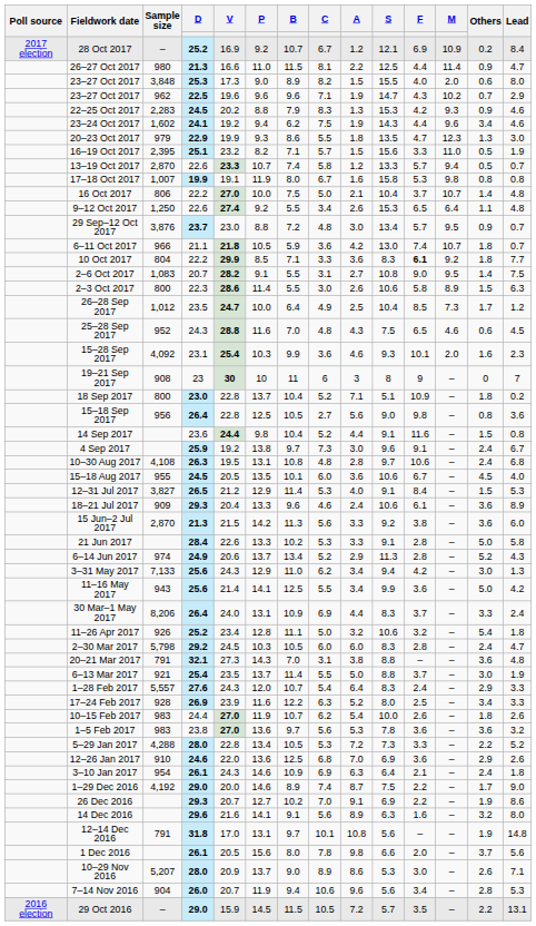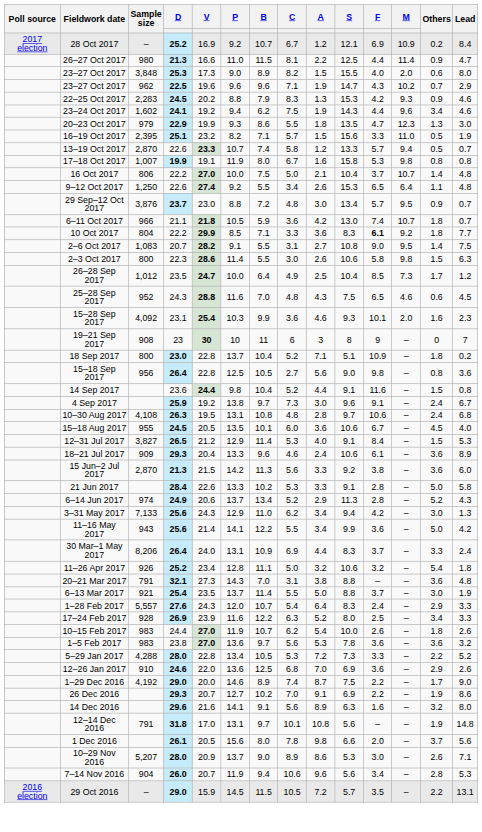 <table class="wikitable sortable" style="text-align:center;font-size:90%;line-height:14px;">
 <tr style="height:40px;">
 <th rowspan="2" style="width:85px;">Poll source</th>
 <th style="width:105px;" rowspan="2">Fieldwork date</th>
 <th style="width:35px;" rowspan="2">Sample<br>size</th>
 <th style="width:40px;" class="unsortable"><a href='#'>D</a></th>
 <th style="width:40px;" class="unsortable"><a href='#'>V</a></th>
 <th style="width:40px;" class="unsortable"><a href='#'>P</a></th>
 <th style="width:40px;" class="unsortable"><a href='#'>B</a></th>
 <th style="width:40px;" class="unsortable"><a href='#'>C</a></th>
 <th style="width:40px;" class="unsortable"><a href='#'>A</a></th>
 <th style="width:40px;" class="unsortable"><a href='#'>S</a></th>
 <th style="width:40px;" class="unsortable"><a href='#'>F</a></th>
 <th style="width:40px;" class="unsortable"><a href='#'>M</a></th>
 <th style="width:40px;" rowspan="2" class="unsortable">Others</th>
 <th style="width:30px;" rowspan="2">Lead</th>
 </tr>
 <tr>
 <th style="background:"></th>
 <th style="background:"></th>
 <th style="background:"></th>
 <th style="background:"></th>
 <th style="background:"></th>
 <th style="background:"></th>
 <th style="background:"></th>
 <th style="background:"></th>
 <th style="background:"></th>
 </tr>
 <tr style="background-color:#E9E9E9;">
 <td><a href='#'>2017 election</a></td>
 <td data-sort-value="2017-10-28">28 Oct 2017</td>
 <td>–</td>
 <td style="background:#C6ECFB;"><strong>25.2</strong></td>
 <td>16.9</td>
 <td>9.2</td>
 <td>10.7</td>
 <td>6.7</td>
 <td>1.2</td>
 <td>12.1</td>
 <td>6.9</td>
 <td>10.9</td>
 <td>0.2</td>
 <td style="background:">8.4</td>
 </tr>
 <tr>
 <td></td>
 <td data-sort-value="2017-10-27">26–27 Oct 2017</td>
 <td>980</td>
 <td style="background:#C6ECFB;"><strong>21.3</strong></td>
 <td>16.6</td>
 <td>11.0</td>
 <td>11.5</td>
 <td>8.1</td>
 <td>2.2</td>
 <td>12.5</td>
 <td>4.4</td>
 <td>11.4</td>
 <td>0.9</td>
 <td style="background:">4.7</td>
 </tr>
 <tr>
 <td></td>
 <td data-sort-value="2017-10-27">23–27 Oct 2017</td>
 <td>3,848</td>
 <td style="background:#C6ECFB;"><strong>25.3</strong></td>
 <td>17.3</td>
 <td>9.0</td>
 <td>8.9</td>
 <td>8.2</td>
 <td>1.5</td>
 <td>15.5</td>
 <td>4.0</td>
 <td>2.0</td>
 <td>0.6</td>
 <td style="background:">8.0</td>
 </tr>
 <tr>
 <td></td>
 <td data-sort-value="2017-10-27">23–27 Oct 2017</td>
 <td>962</td>
 <td style="background:#C6ECFB;"><strong>22.5</strong></td>
 <td>19.6</td>
 <td>9.6</td>
 <td>9.6</td>
 <td>7.1</td>
 <td>1.9</td>
 <td>14.7</td>
 <td>4.3</td>
 <td>10.2</td>
 <td>0.7</td>
 <td style="background:">2.9</td>
 </tr>
 <tr>
 <td></td>
 <td data-sort-value="2017-10-25">22–25 Oct 2017</td>
 <td>2,283</td>
 <td style="background:#C6ECFB;"><strong>24.5</strong></td>
 <td>20.2</td>
 <td>8.8</td>
 <td>7.9</td>
 <td>8.3</td>
 <td>1.3</td>
 <td>15.3</td>
 <td>4.2</td>
 <td>9.3</td>
 <td>0.9</td>
 <td style="background:">4.6</td>
 </tr>
 <tr>
 <td></td>
 <td data-sort-value="2017-10-24">23–24 Oct 2017</td>
 <td>1,602</td>
 <td style="background:#C6ECFB;"><strong>24.1</strong></td>
 <td>19.2</td>
 <td>9.4</td>
 <td>6.2</td>
 <td>7.5</td>
 <td>1.9</td>
 <td>14.3</td>
 <td>4.4</td>
 <td>9.6</td>
 <td>3.4</td>
 <td style="background:">4.6</td>
 </tr>
 <tr>
 <td></td>
 <td data-sort-value="2017-10-23">20–23 Oct 2017</td>
 <td>979</td>
 <td style="background:#C6ECFB;"><strong>22.9</strong></td>
 <td>19.9</td>
 <td>9.3</td>
 <td>8.6</td>
 <td>5.5</td>
 <td>1.8</td>
 <td>13.5</td>
 <td>4.7</td>
 <td>12.3</td>
 <td>1.3</td>
 <td style="background:">3.0</td>
 </tr>
 <tr>
 <td></td>
 <td data-sort-value="2017-10-19">16–19 Oct 2017</td>
 <td>2,395</td>
 <td style="background:#C6ECFB;"><strong>25.1</strong></td>
 <td>23.2</td>
 <td>8.2</td>
 <td>7.1</td>
 <td>5.7</td>
 <td>1.5</td>
 <td>15.6</td>
 <td>3.3</td>
 <td>11.0</td>
 <td>0.5</td>
 <td style="background:">1.9</td>
 </tr>
 <tr>
 <td></td>
 <td data-sort-value="2017-10-19">13–19 Oct 2017</td>
 <td>2,870</td>
 <td>22.6</td>
 <td style="background:#D6E5D4;"><strong>23.3</strong></td>
 <td>10.7</td>
 <td>7.4</td>
 <td>5.8</td>
 <td>1.2</td>
 <td>13.3</td>
 <td>5.7</td>
 <td>9.4</td>
 <td>0.5</td>
 <td style="background:">0.7</td>
 </tr>
 <tr>
 <td></td>
 <td data-sort-value="2017-10-18">17–18 Oct 2017</td>
 <td>1,007</td>
 <td style="background:#C6ECFB;"><strong>19.9</strong></td>
 <td>19.1</td>
 <td>11.9</td>
 <td>8.0</td>
 <td>6.7</td>
 <td>1.6</td>
 <td>15.8</td>
 <td>5.3</td>
 <td>9.8</td>
 <td>0.8</td>
 <td style="background:">0.8</td>
 </tr>
 <tr>
 <td></td>
 <td data-sort-value="2017-10-16">16 Oct 2017</td>
 <td>806</td>
 <td>22.2</td>
 <td style="background:#D6E5D4;"><strong>27.0</strong></td>
 <td>10.0</td>
 <td>7.5</td>
 <td>5.0</td>
 <td>2.1</td>
 <td>10.4</td>
 <td>3.7</td>
 <td>10.7</td>
 <td>1.4</td>
 <td style="background:">4.8</td>
 </tr>
 <tr>
 <td></td>
 <td data-sort-value="2017-10-12">9–12 Oct 2017</td>
 <td>1,250</td>
 <td>22.6</td>
 <td style="background:#D6E5D4;"><strong>27.4</strong></td>
 <td>9.2</td>
 <td>5.5</td>
 <td>3.4</td>
 <td>2.6</td>
 <td>15.3</td>
 <td>6.5</td>
 <td>6.4</td>
 <td>1.1</td>
 <td style="background:">4.8</td>
 </tr>
 <tr>
 <td></td>
 <td data-sort-value="2017-10-12">29 Sep–12 Oct 2017</td>
 <td>3,876</td>
 <td style="background:#C6ECFB;"><strong>23.7</strong></td>
 <td>23.0</td>
 <td>8.8</td>
 <td>7.2</td>
 <td>4.8</td>
 <td>3.0</td>
 <td>13.4</td>
 <td>5.7</td>
 <td>9.5</td>
 <td>0.9</td>
 <td style="background:">0.7</td>
 </tr>
 <tr>
 <td></td>
 <td data-sort-value="2017-10-11">6–11 Oct 2017</td>
 <td>966</td>
 <td>21.1</td>
 <td style="background:#D6E5D4;"><strong>21.8</strong></td>
 <td>10.5</td>
 <td>5.9</td>
 <td>3.6</td>
 <td>4.2</td>
 <td>13.0</td>
 <td>7.4</td>
 <td>10.7</td>
 <td>1.8</td>
 <td style="background:">0.7</td>
 </tr>
 <tr>
 <td></td>
 <td data-sort-value="2017-10-10">10 Oct 2017</td>
 <td>804</td>
 <td>22.2</td>
 <td style="background:#D6E5D4;"><strong>29.9</strong></td>
 <td>8.5</td>
 <td>7.1</td>
 <td>3.3</td>
 <td>3.6</td>
 <td>8.3</td>
 <td><strong>6.1</strong></td>
 <td>9.2</td>
 <td>1.8</td>
 <td style="background:">7.7</td>
 </tr>
 <tr>
 <td></td>
 <td data-sort-value="2017-10-06">2–6 Oct 2017</td>
 <td>1,083</td>
 <td>20.7</td>
 <td style="background:#D6E5D4;"><strong>28.2</strong></td>
 <td>9.1</td>
 <td>5.5</td>
 <td>3.1</td>
 <td>2.7</td>
 <td>10.8</td>
 <td>9.0</td>
 <td>9.5</td>
 <td>1.4</td>
 <td style="background:">7.5</td>
 </tr>
 <tr>
 <td></td>
 <td data-sort-value="2017-10-03">2–3 Oct 2017</td>
 <td>800</td>
 <td>22.3</td>
 <td style="background:#D6E5D4;"><strong>28.6</strong></td>
 <td>11.4</td>
 <td>5.5</td>
 <td>3.0</td>
 <td>2.6</td>
 <td>10.6</td>
 <td>5.8</td>
-<td>8.9</td>
+<td>9.8</td>
 <td>1.5</td>
 <td style="background:">6.3</td>
 </tr>
 <tr>
 <td></td>
 <td data-sort-value="2017-09-28">26–28 Sep 2017</td>
 <td>1,012</td>
 <td>23.5</td>
 <td style="background:#D6E5D4;"><strong>24.7</strong></td>
 <td>10.0</td>
 <td>6.4</td>
 <td>4.9</td>
 <td>2.5</td>
 <td>10.4</td>
 <td>8.5</td>
 <td>7.3</td>
 <td>1.7</td>
 <td style="background:">1.2</td>
 </tr>
 <tr>
 <td></td>
 <td data-sort-value="2017-09-28">25–28 Sep 2017</td>
 <td>952</td>
 <td>24.3</td>
 <td style="background:#D6E5D4;"><strong>28.8</strong></td>
 <td>11.6</td>
 <td>7.0</td>
 <td>4.8</td>
 <td>4.3</td>
 <td>7.5</td>
 <td>6.5</td>
 <td>4.6</td>
 <td>0.6</td>
 <td style="background:">4.5</td>
 </tr>
 <tr>
 <td></td>
 <td data-sort-value="2017-09-28">15–28 Sep 2017</td>
 <td>4,092</td>
 <td>23.1</td>
 <td style="background:#D6E5D4;"><strong>25.4</strong></td>
 <td>10.3</td>
 <td>9.9</td>
 <td>3.6</td>
 <td>4.6</td>
 <td>9.3</td>
 <td>10.1</td>
 <td>2.0</td>
 <td>1.6</td>
 <td style="background:">2.3</td>
 </tr>
 <tr>
 <td></td>
 <td data-sort-value="2017-09-21">19–21 Sep 2017</td>
 <td>908</td>
 <td>23</td>
 <td style="background:#D6E5D4;"><strong>30</strong></td>
 <td>10</td>
 <td>11</td>
 <td>6</td>
 <td>3</td>
 <td>8</td>
 <td>9</td>
 <td>–</td>
 <td>0</td>
 <td style="background:">7</td>
 </tr>
 <tr>
 <td></td>
 <td data-sort-value="2017-09-18">18 Sep 2017</td>
 <td>800</td>
 <td style="background:#C6ECFB;"><strong>23.0</strong></td>
 <td>22.8</td>
 <td>13.7</td>
 <td>10.4</td>
 <td>5.2</td>
 <td>7.1</td>
 <td>5.1</td>
 <td>10.9</td>
 <td>–</td>
 <td>1.8</td>
 <td style="background:">0.2</td>
 </tr>
 <tr>
 <td></td>
 <td data-sort-value="2017-09-18">15–18 Sep 2017</td>
 <td>956</td>
 <td style="background:#C6ECFB;"><strong>26.4</strong></td>
 <td>22.8</td>
 <td>12.5</td>
 <td>10.5</td>
 <td>2.7</td>
 <td>5.6</td>
 <td>9.0</td>
 <td>9.8</td>
 <td>–</td>
 <td>0.8</td>
 <td style="background:">3.6</td>
 </tr>
 <tr>
 <td></td>
 <td data-sort-value="2017-09-14">14 Sep 2017</td>
 <td></td>
 <td>23.6</td>
 <td style="background:#D6E5D4;"><strong>24.4</strong></td>
 <td>9.8</td>
 <td>10.4</td>
 <td>5.2</td>
 <td>4.4</td>
 <td>9.1</td>
 <td>11.6</td>
 <td>–</td>
 <td>1.5</td>
 <td style="background:">0.8</td>
 </tr>
 <tr>
 <td></td>
 <td data-sort-value="2017-09-04">4 Sep 2017</td>
 <td></td>
 <td style="background:#C6ECFB;"><strong>25.9</strong></td>
 <td>19.2</td>
 <td>13.8</td>
 <td>9.7</td>
 <td>7.3</td>
 <td>3.0</td>
 <td>9.6</td>
 <td>9.1</td>
 <td>–</td>
 <td>2.4</td>
 <td style="background:">6.7</td>
 </tr>
 <tr>
 <td></td>
 <td data-sort-value="2017-08-30">10–30 Aug 2017</td>
 <td>4,108</td>
 <td style="background:#C6ECFB;"><strong>26.3</strong></td>
 <td>19.5</td>
 <td>13.1</td>
 <td>10.8</td>
 <td>4.8</td>
 <td>2.8</td>
 <td>9.7</td>
 <td>10.6</td>
 <td>–</td>
 <td>2.4</td>
 <td style="background:">6.8</td>
 </tr>
 <tr>
 <td></td>
 <td data-sort-value="2017-08-18">15–18 Aug 2017</td>
 <td>955</td>
 <td style="background:#C6ECFB;"><strong>24.5</strong></td>
 <td>20.5</td>
 <td>13.5</td>
 <td>10.1</td>
 <td>6.0</td>
 <td>3.6</td>
 <td>10.6</td>
 <td>6.7</td>
 <td>–</td>
 <td>4.5</td>
 <td style="background:">4.0</td>
 </tr>
 <tr>
 <td></td>
 <td data-sort-value="2017-07-31">12–31 Jul 2017</td>
 <td>3,827</td>
 <td style="background:#C6ECFB;"><strong>26.5</strong></td>
 <td>21.2</td>
 <td>12.9</td>
 <td>11.4</td>
 <td>5.3</td>
 <td>4.0</td>
 <td>9.1</td>
 <td>8.4</td>
 <td>–</td>
 <td>1.5</td>
 <td style="background:">5.3</td>
 </tr>
 <tr>
 <td></td>
 <td data-sort-value="2017-07-21">18–21 Jul 2017</td>
 <td>909</td>
 <td style="background:#C6ECFB;"><strong>29.3</strong></td>
 <td>20.4</td>
 <td>13.3</td>
 <td>9.6</td>
 <td>4.6</td>
 <td>2.4</td>
 <td>10.6</td>
 <td>6.1</td>
 <td>–</td>
 <td>3.6</td>
 <td style="background:">8.9</td>
 </tr>
 <tr>
 <td></td>
 <td data-sort-value="2017-07-02">15 Jun–2 Jul 2017</td>
 <td>2,870</td>
 <td style="background:#C6ECFB;"><strong>21.3</strong></td>
 <td>21.5</td>
 <td>14.2</td>
 <td>11.3</td>
 <td>5.6</td>
 <td>3.3</td>
 <td>9.2</td>
 <td>3.8</td>
 <td>–</td>
 <td>3.6</td>
 <td style="background:">6.0</td>
 </tr>
 <tr>
 <td></td>
 <td data-sort-value="2017-06-21">21 Jun 2017</td>
 <td></td>
 <td style="background:#C6ECFB;"><strong>28.4</strong></td>
 <td>22.6</td>
 <td>13.3</td>
 <td>10.2</td>
 <td>5.3</td>
 <td>3.3</td>
 <td>9.1</td>
 <td>2.8</td>
 <td>–</td>
 <td>5.0</td>
 <td style="background:">5.8</td>
 </tr>
 <tr>
 <td></td>
 <td data-sort-value="2017-06-14">6–14 Jun 2017</td>
 <td>974</td>
 <td style="background:#C6ECFB;"><strong>24.9</strong></td>
 <td>20.6</td>
 <td>13.7</td>
 <td>13.4</td>
 <td>5.2</td>
 <td>2.9</td>
 <td>11.3</td>
 <td>2.8</td>
 <td>–</td>
 <td>5.2</td>
 <td style="background:">4.3</td>
 </tr>
 <tr>
 <td></td>
 <td data-sort-value="2017-05-31">3–31 May 2017</td>
 <td>7,133</td>
 <td style="background:#C6ECFB;"><strong>25.6</strong></td>
 <td>24.3</td>
 <td>12.9</td>
 <td>11.0</td>
 <td>6.2</td>
 <td>3.4</td>
 <td>9.4</td>
 <td>4.2</td>
 <td>–</td>
 <td>3.0</td>
 <td style="background:">1.3</td>
 </tr>
 <tr>
 <td></td>
 <td data-sort-value="2017-05-16">11–16 May 2017</td>
 <td>943</td>
 <td style="background:#C6ECFB;"><strong>25.6</strong></td>
 <td>21.4</td>
 <td>14.1</td>
-<td>12.5</td>
+<td>12.2</td>
 <td>5.5</td>
 <td>3.4</td>
 <td>9.9</td>
 <td>3.6</td>
 <td>–</td>
 <td>5.0</td>
 <td style="background:">4.2</td>
 </tr>
 <tr>
 <td></td>
 <td data-sort-value="2017-05-01">30 Mar–1 May 2017</td>
 <td>8,206</td>
 <td style="background:#C6ECFB;"><strong>26.4</strong></td>
 <td>24.0</td>
 <td>13.1</td>
 <td>10.9</td>
 <td>6.9</td>
 <td>4.4</td>
 <td>8.3</td>
 <td>3.7</td>
 <td>–</td>
 <td>3.3</td>
 <td style="background:">2.4</td>
 </tr>
 <tr>
 <td></td>
 <td data-sort-value="2017-04-26">11–26 Apr 2017</td>
 <td>926</td>
 <td style="background:#C6ECFB;"><strong>25.2</strong></td>
 <td>23.4</td>
 <td>12.8</td>
 <td>11.1</td>
 <td>5.0</td>
 <td>3.2</td>
 <td>10.6</td>
 <td>3.2</td>
 <td>–</td>
 <td>5.4</td>
 <td style="background:">1.8</td>
-</tr>
-<tr>
-<td></td>
-<td data-sort-value="2017-03-30">2–30 Mar 2017</td>
-<td>5,798</td>
-<td style="background:#C6ECFB;"><strong>29.2</strong></td>
-<td>24.5</td>
-<td>10.3</td>
-<td>10.5</td>
-<td>6.0</td>
-<td>6.0</td>
-<td>8.3</td>
-<td>2.8</td>
-<td>–</td>
-<td>2.4</td>
-<td style="background:">4.7</td>
 </tr>
 <tr>
 <td></td>
 <td data-sort-value="2017-03-21">20–21 Mar 2017</td>
 <td>791</td>
 <td style="background:#C6ECFB;"><strong>32.1</strong></td>
 <td>27.3</td>
 <td>14.3</td>
 <td>7.0</td>
 <td>3.1</td>
 <td>3.8</td>
 <td>8.8</td>
 <td>–</td>
 <td>–</td>
 <td>3.6</td>
 <td style="background:">4.8</td>
 </tr>
 <tr>
 <td></td>
 <td data-sort-value="2017-03-13">6–13 Mar 2017</td>
 <td>921</td>
 <td style="background:#C6ECFB;"><strong>25.4</strong></td>
 <td>23.5</td>
 <td>13.7</td>
 <td>11.4</td>
 <td>5.5</td>
 <td>5.0</td>
 <td>8.8</td>
 <td>3.7</td>
 <td>–</td>
 <td>3.0</td>
 <td style="background:">1.9</td>
 </tr>
 <tr>
 <td></td>
 <td data-sort-value="2017-02-28">1–28 Feb 2017</td>
 <td>5,557</td>
 <td style="background:#C6ECFB;"><strong>27.6</strong></td>
 <td>24.3</td>
 <td>12.0</td>
 <td>10.7</td>
 <td>5.4</td>
 <td>6.4</td>
 <td>8.3</td>
 <td>2.4</td>
 <td>–</td>
 <td>2.9</td>
 <td style="background:">3.3</td>
 </tr>
 <tr>
 <td></td>
 <td data-sort-value="2017-02-24">17–24 Feb 2017</td>
 <td>928</td>
 <td style="background:#C6ECFB;"><strong>26.9</strong></td>
 <td>23.9</td>
 <td>11.6</td>
 <td>12.2</td>
 <td>6.3</td>
 <td>5.2</td>
 <td>8.0</td>
 <td>2.5</td>
 <td>–</td>
 <td>3.4</td>
 <td style="background:">3.3</td>
 </tr>
 <tr>
 <td></td>
 <td data-sort-value="2017-02-15">10–15 Feb 2017</td>
 <td>983</td>
 <td>24.4</td>
 <td style="background:#D6E5D4;"><strong>27.0</strong></td>
 <td>11.9</td>
 <td>10.7</td>
 <td>6.2</td>
 <td>5.4</td>
 <td>10.0</td>
 <td>2.6</td>
 <td>–</td>
 <td>1.8</td>
 <td style="background:">2.6</td>
 </tr>
 <tr>
 <td></td>
 <td data-sort-value="2017-02-05">1–5 Feb 2017</td>
 <td>983</td>
 <td>23.8</td>
 <td style="background:#D6E5D4;"><strong>27.0</strong></td>
 <td>13.6</td>
 <td>9.7</td>
 <td>5.6</td>
 <td>5.3</td>
 <td>7.8</td>
 <td>3.6</td>
 <td>–</td>
 <td>3.6</td>
 <td style="background:">3.2</td>
 </tr>
 <tr>
 <td></td>
 <td data-sort-value="2017-01-29">5–29 Jan 2017</td>
 <td>4,288</td>
 <td style="background:#C6ECFB;"><strong>28.0</strong></td>
 <td>22.8</td>
 <td>13.4</td>
 <td>10.5</td>
 <td>5.3</td>
 <td>7.2</td>
 <td>7.3</td>
 <td>3.3</td>
 <td>–</td>
 <td>2.2</td>
 <td style="background:">5.2</td>
 </tr>
 <tr>
 <td></td>
 <td data-sort-value="2017-01-26">12–26 Jan 2017</td>
 <td>910</td>
 <td style="background:#C6ECFB;"><strong>24.6</strong></td>
 <td>22.0</td>
 <td>13.6</td>
 <td>12.5</td>
 <td>6.8</td>
 <td>7.0</td>
 <td>6.9</td>
 <td>3.6</td>
 <td>–</td>
 <td>2.9</td>
 <td style="background:">2.6</td>
 </tr>
 <tr>
 <td></td>
-<td data-sort-value="2017-01-10">3–10 Jan 2017</td>
-<td>954</td>
-<td style="background:#C6ECFB;"><strong>26.1</strong></td>
-<td>24.3</td>
-<td>14.6</td>
-<td>10.9</td>
-<td>6.9</td>
-<td>6.3</td>
-<td>6.4</td>
-<td>2.1</td>
-<td>–</td>
-<td>2.4</td>
-<td style="background:">1.8</td>
-</tr>
-<tr>
-<td></td>
 <td data-sort-value="2016-12-29">1–29 Dec 2016</td>
 <td>4,192</td>
 <td style="background:#C6ECFB;"><strong>29.0</strong></td>
 <td>20.0</td>
 <td>14.6</td>
 <td>8.9</td>
 <td>7.4</td>
 <td>8.7</td>
 <td>7.5</td>
 <td>2.2</td>
 <td>–</td>
 <td>1.7</td>
 <td style="background:">9.0</td>
 </tr>
 <tr>
 <td></td>
 <td data-sort-value="2016-12-26">26 Dec 2016</td>
 <td></td>
 <td style="background:#C6ECFB;"><strong>29.3</strong></td>
 <td>20.7</td>
 <td>12.7</td>
 <td>10.2</td>
 <td>7.0</td>
 <td>9.1</td>
 <td>6.9</td>
 <td>2.2</td>
 <td>–</td>
 <td>1.9</td>
 <td style="background:">8.6</td>
 </tr>
 <tr>
 <td></td>
 <td data-sort-value="2016-12-14">14 Dec 2016</td>
 <td></td>
 <td style="background:#C6ECFB;"><strong>29.6</strong></td>
 <td>21.6</td>
 <td>14.1</td>
 <td>9.1</td>
 <td>5.6</td>
 <td>8.9</td>
 <td>6.3</td>
 <td>1.6</td>
 <td>–</td>
 <td>3.2</td>
 <td style="background:">8.0</td>
 </tr>
 <tr>
 <td></td>
 <td data-sort-value="2016-12-14">12–14 Dec 2016</td>
 <td>791</td>
 <td style="background:#C6ECFB;"><strong>31.8</strong></td>
 <td>17.0</td>
 <td>13.1</td>
 <td>9.7</td>
 <td>10.1</td>
 <td>10.8</td>
 <td>5.6</td>
 <td>–</td>
 <td>–</td>
 <td>1.9</td>
 <td style="background:">14.8</td>
 </tr>
 <tr>
 <td></td>
 <td data-sort-value="2016-12-01">1 Dec 2016</td>
 <td></td>
 <td style="background:#C6ECFB;"><strong>26.1</strong></td>
 <td>20.5</td>
 <td>15.6</td>
 <td>8.0</td>
 <td>7.8</td>
 <td>9.8</td>
 <td>6.6</td>
 <td>2.0</td>
 <td>–</td>
 <td>3.7</td>
 <td style="background:">5.6</td>
 </tr>
 <tr>
 <td></td>
 <td data-sort-value="2016-11-29">10–29 Nov 2016</td>
 <td>5,207</td>
 <td style="background:#C6ECFB;"><strong>28.0</strong></td>
 <td>20.9</td>
 <td>13.7</td>
 <td>9.0</td>
 <td>8.9</td>
 <td>8.6</td>
 <td>5.3</td>
 <td>3.0</td>
 <td>–</td>
 <td>2.6</td>
 <td style="background:">7.1</td>
 </tr>
 <tr>
 <td></td>
 <td data-sort-value="2016-11-14">7–14 Nov 2016</td>
 <td>904</td>
 <td style="background:#C6ECFB;"><strong>26.0</strong></td>
 <td>20.7</td>
 <td>11.9</td>
 <td>9.4</td>
 <td>10.6</td>
 <td>9.6</td>
 <td>5.6</td>
 <td>3.4</td>
 <td>–</td>
 <td>2.8</td>
 <td style="background:">5.3</td>
 </tr>
 <tr style="background-color:#E9E9E9;">
 <td><a href='#'>2016 election</a></td>
 <td data-sort-value="2016-10-29">29 Oct 2016</td>
 <td>–</td>
 <td style="background:#C6ECFB;"><strong>29.0</strong></td>
 <td>15.9</td>
 <td>14.5</td>
 <td>11.5</td>
 <td>10.5</td>
 <td>7.2</td>
 <td>5.7</td>
 <td>3.5</td>
 <td>–</td>
 <td>2.2</td>
 <td style="background:">13.1</td>
 </tr>
 </table>
